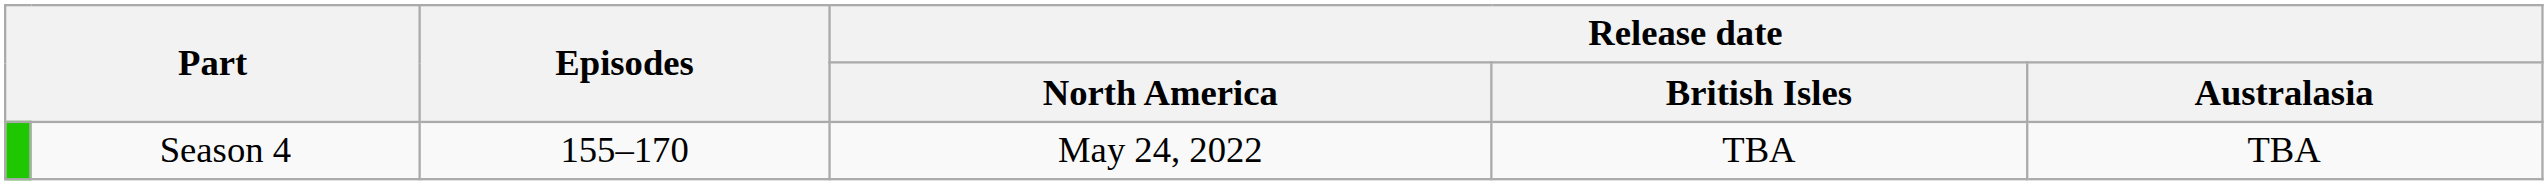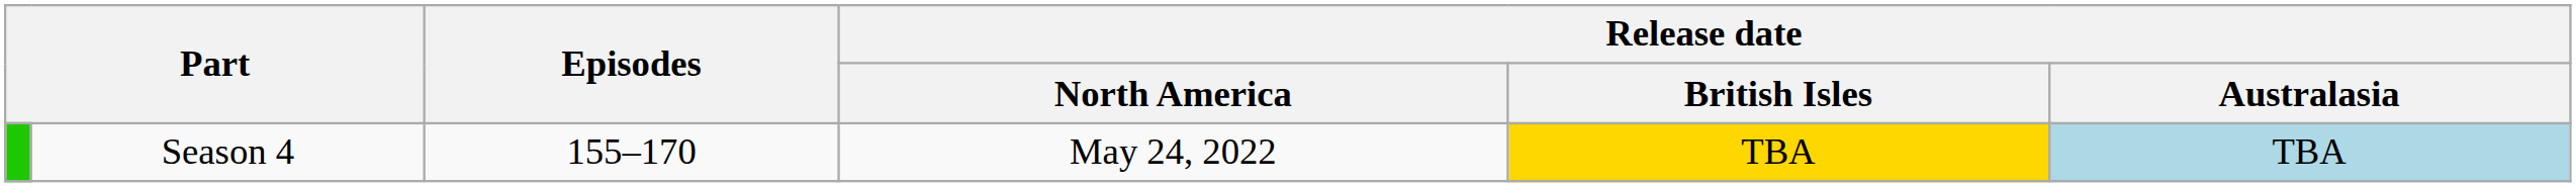 <table class="wikitable" style="text-align: center; width: 70%;">
 <tr>
 <th colspan="2" rowspan="2">Part</th>
 <th rowspan="2">Episodes</th>
 <th colspan="3">Release date</th>
 </tr>
 <tr>
 <th>North America</th>
 <th>British Isles</th>
 <th>Australasia</th>
 </tr>
 <tr>
 <td rowspan="11" width="1%" style="background: #1FC700;"></td>
 <td rowspan="1">Season 4</td>
 <td>155–170</td>
 <td>May 24, 2022</td>
-<td>TBA</td>
-<td>TBA</td>
+<td style="background: gold;">TBA</td>
+<td style="background: lightblue;">TBA</td>
 </tr>
 </table>
